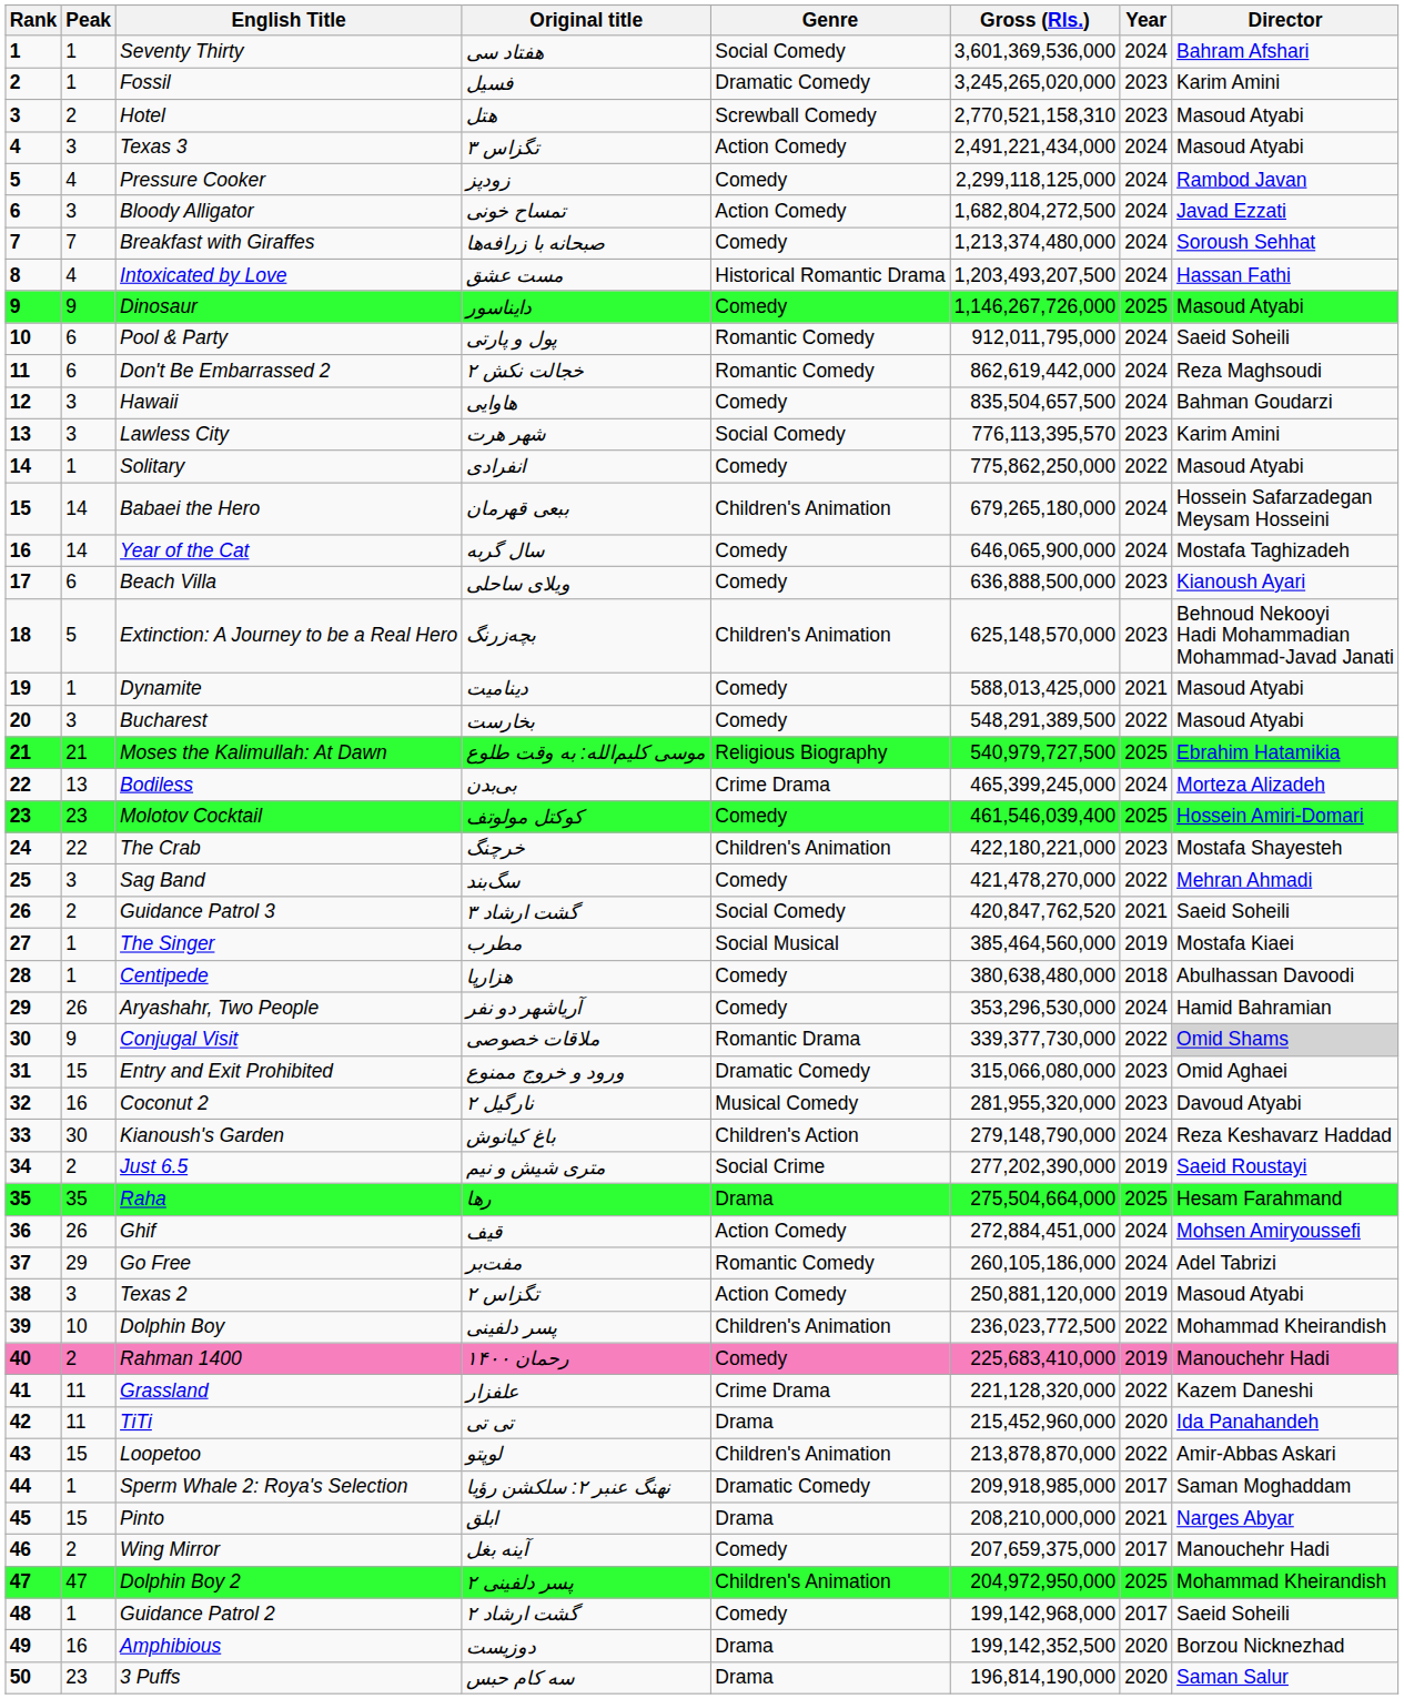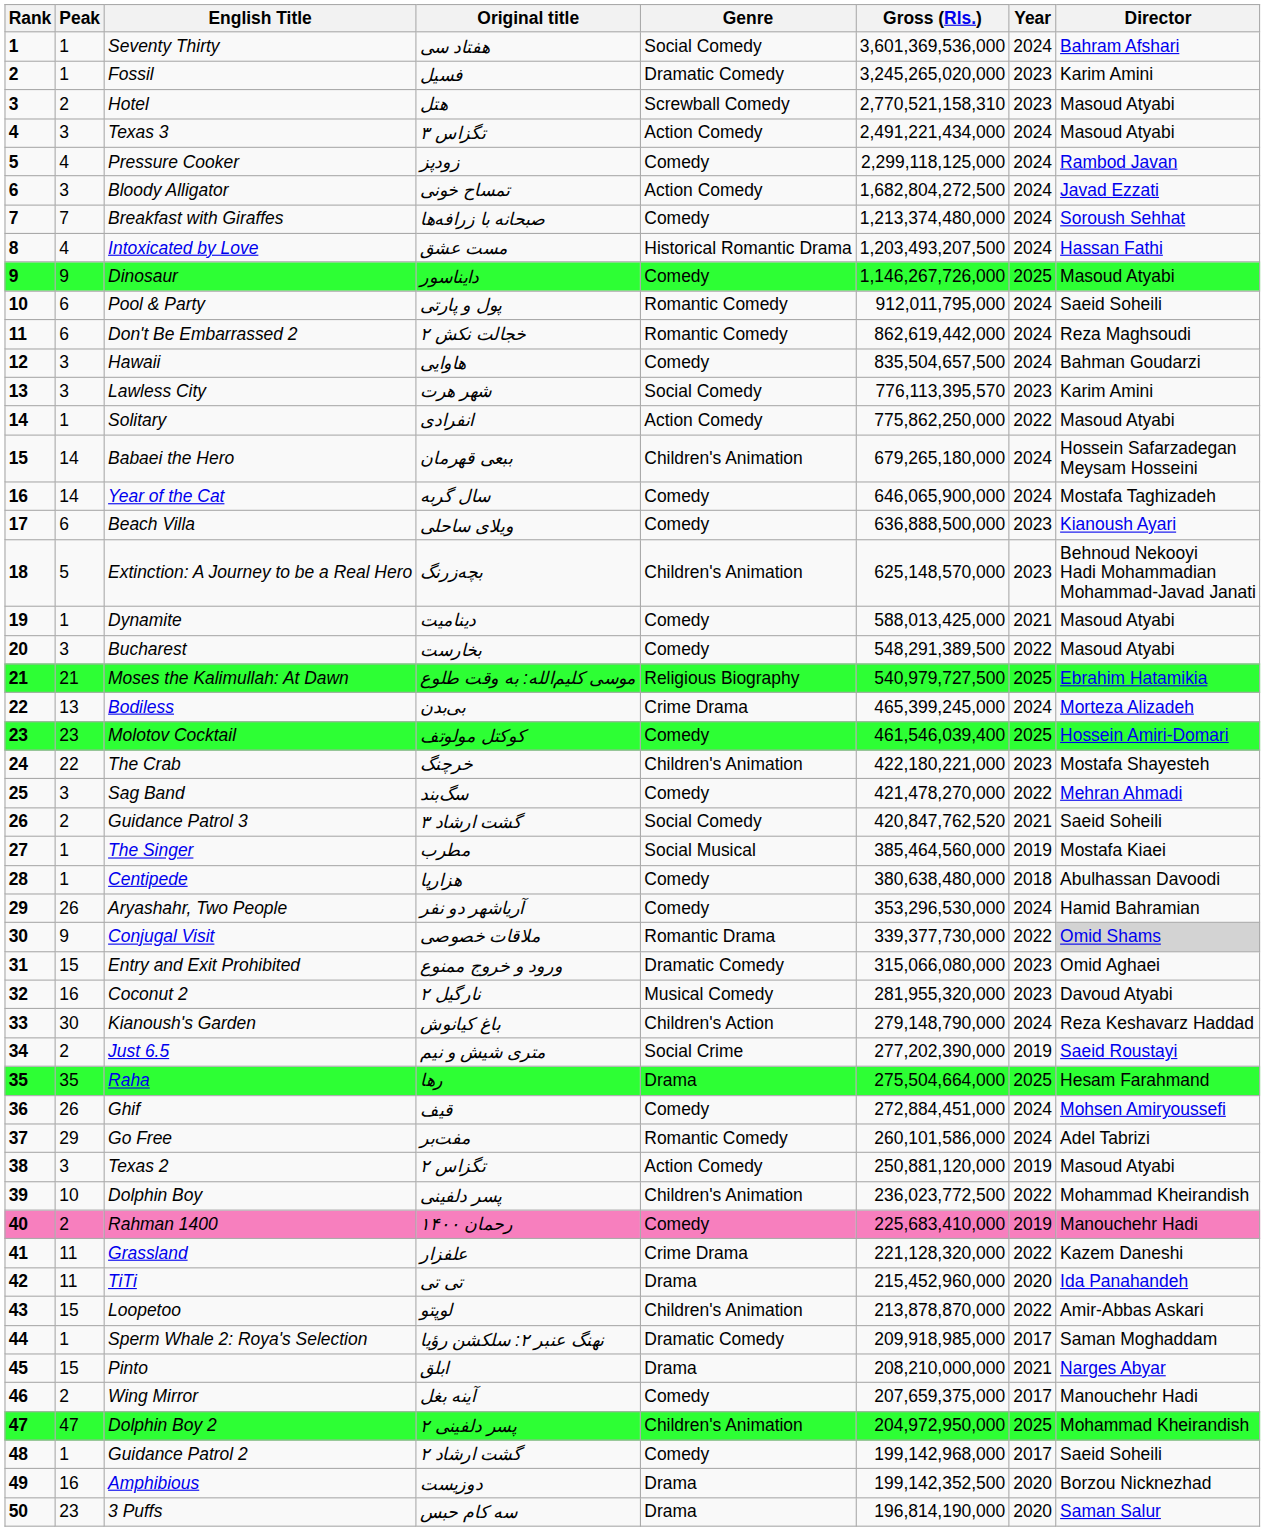 <table class="wikitable sortable plainrowheaders" style="margin:auto; margin:auto;">
 <tr>
 <th scope="col">Rank</th>
 <th scope="col">Peak</th>
 <th scope="col">English Title</th>
 <th>Original title</th>
 <th>Genre</th>
 <th scope="col">Gross (<a href='#'>Rls.</a>)</th>
 <th scope="col">Year</th>
 <th>Director</th>
 </tr>
 <tr>
 <td><strong>1</strong></td>
 <td>1</td>
 <td><em>Seventy Thirty</em></td>
 <td><em>هفتاد  سی</em></td>
 <td>Social Comedy</td>
 <td align="right">3,601,369,536,000</td>
 <td style="text-align:center;">2024</td>
 <td><a href='#'>Bahram Afshari</a></td>
 </tr>
 <tr>
 <td><strong>2</strong></td>
 <td>1</td>
 <td><em>Fossil</em></td>
 <td><em>فسیل</em></td>
 <td>Dramatic Comedy</td>
 <td align="right">3,245,265,020,000</td>
 <td style="text-align:center;">2023</td>
 <td>Karim Amini</td>
 </tr>
 <tr>
 <td><strong>3</strong></td>
 <td>2</td>
 <td><em>Hotel</em></td>
 <td><em>هتل</em></td>
 <td>Screwball Comedy</td>
 <td align="right">2,770,521,158,310</td>
 <td style="text-align:center;">2023</td>
 <td>Masoud Atyabi</td>
 </tr>
 <tr>
 <td><strong>4</strong></td>
 <td>3</td>
 <td><em>Texas 3</em></td>
 <td><em>تگزاس ۳</em></td>
 <td>Action Comedy</td>
 <td align="right">2,491,221,434,000</td>
 <td style="text-align:center;">2024</td>
 <td>Masoud Atyabi</td>
 </tr>
 <tr>
 <td><strong>5</strong></td>
 <td>4</td>
 <td><em>Pressure Cooker</em></td>
 <td><em>زودپز</em></td>
 <td>Comedy</td>
 <td align="right">2,299,118,125,000</td>
 <td style="text-align:center;">2024</td>
 <td><a href='#'>Rambod Javan</a></td>
 </tr>
 <tr>
 <td><strong>6</strong></td>
 <td>3</td>
 <td><em>Bloody Alligator</em></td>
 <td><em>تمساح  خونی</em></td>
 <td>Action Comedy</td>
 <td align="right">1,682,804,272,500</td>
 <td style="text-align:center;">2024</td>
 <td><a href='#'>Javad Ezzati</a></td>
 </tr>
 <tr>
 <td><strong>7</strong></td>
 <td>7</td>
 <td><em>Breakfast with Giraffes</em></td>
 <td><em>صبحانه  با زرافه‌ها</em></td>
 <td>Comedy</td>
 <td align="right">1,213,374,480,000</td>
 <td style="text-align:center;">2024</td>
 <td><a href='#'>Soroush Sehhat</a></td>
 </tr>
 <tr>
 <td><strong>8</strong></td>
 <td>4</td>
 <td><em><a href='#'>Intoxicated by Love</a></em></td>
 <td><em>مست  عشق</em></td>
 <td>Historical Romantic Drama</td>
 <td align="right">1,203,493,207,500</td>
 <td style="text-align:center;">2024</td>
 <td><a href='#'>Hassan Fathi</a></td>
 </tr>
 <tr bgcolor="2dff34">
 <td><strong>9</strong></td>
 <td>9</td>
 <td><em>Dinosaur</em></td>
 <td><em>دایناسور</em></td>
 <td>Comedy</td>
 <td align="right">1,146,267,726,000</td>
 <td style="text-align:center;">2025</td>
 <td>Masoud Atyabi</td>
 </tr>
 <tr>
 <td><strong>10</strong></td>
 <td>6</td>
 <td><em>Pool & Party</em></td>
 <td><em>پول  و پارتی</em></td>
 <td>Romantic Comedy</td>
 <td align="right">912,011,795,000</td>
 <td style="text-align:center;">2024</td>
 <td>Saeid Soheili</td>
 </tr>
 <tr>
 <td><strong>11</strong></td>
 <td>6</td>
 <td><em>Don't Be Embarrassed 2</em></td>
 <td><em>خجالت  نکش ۲</em></td>
 <td>Romantic Comedy</td>
 <td align="right">862,619,442,000</td>
 <td style="text-align:center;">2024</td>
 <td>Reza Maghsoudi</td>
 </tr>
 <tr>
 <td><strong>12</strong></td>
 <td>3</td>
 <td><em>Hawaii</em></td>
 <td><em>هاوایی</em></td>
 <td>Comedy</td>
 <td align="right">835,504,657,500</td>
 <td style="text-align:center;">2024</td>
 <td>Bahman Goudarzi</td>
 </tr>
 <tr>
 <td><strong>13</strong></td>
 <td>3</td>
 <td><em>Lawless City</em></td>
 <td><em>شهر  هرت</em></td>
 <td>Social Comedy</td>
 <td align="right">776,113,395,570</td>
 <td style="text-align:center;">2023</td>
 <td>Karim Amini</td>
 </tr>
 <tr>
 <td><strong>14</strong></td>
 <td>1</td>
 <td><em>Solitary</em></td>
 <td><em>انفرادی</em></td>
-<td>Comedy</td>
+<td>Action Comedy</td>
 <td align="right">775,862,250,000</td>
 <td style="text-align:center;">2022</td>
 <td>Masoud Atyabi</td>
 </tr>
 <tr>
 <td><strong>15</strong></td>
 <td>14</td>
 <td><em>Babaei the Hero</em></td>
 <td><em>ببعی  قهرمان</em></td>
 <td>Children's Animation</td>
 <td align="right">679,265,180,000</td>
 <td style="text-align:center;">2024</td>
 <td>Hossein Safarzadegan<br>Meysam Hosseini</td>
 </tr>
 <tr>
 <td><strong>16</strong></td>
 <td>14</td>
 <td><em><a href='#'>Year of the Cat</a></em></td>
 <td><em>سال  گربه</em></td>
 <td>Comedy</td>
 <td align="right">646,065,900,000</td>
 <td style="text-align:center;">2024</td>
 <td>Mostafa Taghizadeh</td>
 </tr>
 <tr>
 <td><strong>17</strong></td>
 <td>6</td>
 <td><em>Beach Villa</em></td>
 <td><em>ویلای  ساحلی</em></td>
 <td>Comedy</td>
 <td align="right">636,888,500,000</td>
 <td style="text-align:center;">2023</td>
 <td><a href='#'>Kianoush Ayari</a></td>
 </tr>
 <tr>
 <td><strong>18</strong></td>
 <td>5</td>
 <td><em>Extinction: A Journey to be a Real Hero</em></td>
 <td><em>بچه‌زرنگ</em></td>
 <td>Children's Animation</td>
 <td align="right">625,148,570,000</td>
 <td style="text-align:center;">2023</td>
 <td>Behnoud Nekooyi<br>Hadi Mohammadian<br>Mohammad-Javad Janati</td>
 </tr>
 <tr>
 <td><strong>19</strong></td>
 <td>1</td>
 <td><em>Dynamite</em></td>
 <td><em>دینامیت</em></td>
 <td>Comedy</td>
 <td align="right">588,013,425,000</td>
 <td style="text-align:center;">2021</td>
 <td>Masoud Atyabi</td>
 </tr>
 <tr>
 <td><strong>20</strong></td>
 <td>3</td>
 <td><em>Bucharest</em></td>
 <td><em>بخارست</em></td>
 <td>Comedy</td>
 <td align="right">548,291,389,500</td>
 <td style="text-align:center;">2022</td>
 <td>Masoud Atyabi</td>
 </tr>
 <tr bgcolor="2dff34">
 <td><strong>21</strong></td>
 <td>21</td>
 <td><em>Moses the Kalimullah: At Dawn</em></td>
 <td><em>موسی  کلیم‌الله: به وقت طلوع</em></td>
 <td>Religious Biography</td>
 <td align="right">540,979,727,500</td>
 <td style="text-align:center;">2025</td>
 <td><a href='#'>Ebrahim Hatamikia</a></td>
 </tr>
 <tr>
 <td><strong>22</strong></td>
 <td>13</td>
 <td><em><a href='#'>Bodiless</a></em></td>
 <td><em>بی‌بدن</em></td>
 <td>Crime Drama</td>
 <td align="right">465,399,245,000</td>
 <td style="text-align:center;">2024</td>
 <td><a href='#'>Morteza Alizadeh</a></td>
 </tr>
 <tr bgcolor="2dff34">
 <td><strong>23</strong></td>
 <td>23</td>
 <td><em>Molotov Cocktail</em></td>
 <td><em>کوکتل  مولوتف</em></td>
 <td>Comedy</td>
 <td align="right">461,546,039,400</td>
 <td style="text-align:center;">2025</td>
 <td><a href='#'>Hossein Amiri-Domari</a></td>
 </tr>
 <tr>
 <td><strong>24</strong></td>
 <td>22</td>
 <td><em>The Crab</em></td>
 <td><em>خرچنگ</em></td>
 <td>Children's Animation</td>
 <td align="right">422,180,221,000</td>
 <td style="text-align:center;">2023</td>
 <td>Mostafa Shayesteh</td>
 </tr>
 <tr>
 <td><strong>25</strong></td>
 <td>3</td>
 <td><em>Sag Band</em></td>
 <td><em>سگ‌بند</em></td>
 <td>Comedy</td>
 <td align="right">421,478,270,000</td>
 <td style="text-align:center;">2022</td>
 <td><a href='#'>Mehran Ahmadi</a></td>
 </tr>
 <tr>
 <td><strong>26</strong></td>
 <td>2</td>
 <td><em>Guidance Patrol 3</em></td>
 <td><em>گشت  ارشاد ۳</em></td>
 <td>Social Comedy</td>
 <td align="right">420,847,762,520</td>
 <td style="text-align:center;">2021</td>
 <td>Saeid Soheili</td>
 </tr>
 <tr>
 <td><strong>27</strong></td>
 <td>1</td>
 <td><em><a href='#'>The Singer</a></em></td>
 <td><em>مطرب</em></td>
 <td>Social Musical</td>
 <td align="right">385,464,560,000</td>
 <td style="text-align:center;">2019</td>
 <td>Mostafa Kiaei</td>
 </tr>
 <tr>
 <td><strong>28</strong></td>
 <td>1</td>
 <td><em><a href='#'>Centipede</a></em></td>
 <td><em>هزارپا</em></td>
 <td>Comedy</td>
 <td align="right">380,638,480,000</td>
 <td style="text-align:center;">2018</td>
 <td>Abulhassan Davoodi</td>
 </tr>
 <tr>
 <td><strong>29</strong></td>
 <td>26</td>
 <td><em>Aryashahr, Two People</em></td>
 <td><em>آریاشهر  دو نفر</em></td>
 <td>Comedy</td>
 <td align="right">353,296,530,000</td>
 <td style="text-align:center;">2024</td>
 <td>Hamid Bahramian</td>
 </tr>
 <tr>
 <td><strong>30</strong></td>
 <td>9</td>
 <td><em><a href='#'>Conjugal Visit</a></em></td>
 <td><em>ملاقات  خصوصی</em></td>
 <td>Romantic Drama</td>
 <td align="right">339,377,730,000</td>
 <td style="text-align:center;">2022</td>
 <td style="background: lightgrey;"><a href='#'>Omid Shams</a></td>
 </tr>
 <tr>
 <td><strong>31</strong></td>
 <td>15</td>
 <td><em>Entry and Exit Prohibited</em></td>
 <td><em>ورود  و خروج ممنوع</em></td>
 <td>Dramatic Comedy</td>
 <td align="right">315,066,080,000</td>
 <td style="text-align:center;">2023</td>
 <td>Omid Aghaei</td>
 </tr>
 <tr>
 <td><strong>32</strong></td>
 <td>16</td>
 <td><em>Coconut 2</em></td>
 <td><em>نارگیل ۲</em></td>
 <td>Musical Comedy</td>
 <td align="right">281,955,320,000</td>
 <td style="text-align:center;">2023</td>
 <td>Davoud Atyabi</td>
 </tr>
 <tr>
 <td><strong>33</strong></td>
 <td>30</td>
 <td><em>Kianoush's Garden</em></td>
 <td><em>باغ  کیانوش</em></td>
 <td>Children's Action</td>
 <td align="right">279,148,790,000</td>
 <td style="text-align:center;">2024</td>
 <td>Reza Keshavarz Haddad</td>
 </tr>
 <tr>
 <td><strong>34</strong></td>
 <td>2</td>
 <td><em><a href='#'>Just 6.5</a></em></td>
 <td><em>متری  شیش و نیم</em></td>
 <td>Social Crime</td>
 <td align="right">277,202,390,000</td>
 <td style="text-align:center;">2019</td>
 <td><a href='#'>Saeid Roustayi</a></td>
 </tr>
 <tr bgcolor="2dff34">
 <td><strong>35</strong></td>
 <td>35</td>
 <td><em><a href='#'>Raha</a></em></td>
 <td><em>رها</em></td>
 <td>Drama</td>
 <td align="right">275,504,664,000</td>
 <td style="text-align:center;">2025</td>
 <td>Hesam Farahmand</td>
 </tr>
 <tr>
 <td><strong>36</strong></td>
 <td>26</td>
 <td><em>Ghif</em></td>
 <td><em>قیف</em></td>
-<td>Action Comedy</td>
+<td>Comedy</td>
 <td align="right">272,884,451,000</td>
 <td style="text-align:center;">2024</td>
 <td><a href='#'>Mohsen Amiryoussefi</a></td>
 </tr>
 <tr>
 <td><strong>37</strong></td>
 <td>29</td>
 <td><em>Go Free</em></td>
 <td><em>مفت‌بر</em></td>
 <td>Romantic Comedy</td>
-<td align="right">260,105,186,000</td>
+<td align="right">260,101,586,000</td>
 <td style="text-align:center;">2024</td>
 <td>Adel Tabrizi</td>
 </tr>
 <tr>
 <td><strong>38</strong></td>
 <td>3</td>
 <td><em>Texas 2</em></td>
 <td><em>تگزاس ۲</em></td>
 <td>Action Comedy</td>
 <td align="right">250,881,120,000</td>
 <td style="text-align:center;">2019</td>
 <td>Masoud Atyabi</td>
 </tr>
 <tr>
 <td><strong>39</strong></td>
 <td>10</td>
 <td><em>Dolphin Boy</em></td>
 <td><em>پسر  دلفینی</em></td>
 <td>Children's Animation</td>
 <td align="right">236,023,772,500</td>
 <td style="text-align:center;">2022</td>
 <td>Mohammad Kheirandish</td>
 </tr>
 <tr bgcolor="f77fbe">
 <td><strong>40</strong></td>
 <td>2</td>
 <td><em>Rahman 1400</em></td>
 <td><em>رحمان  ۱۴۰۰</em></td>
 <td>Comedy</td>
 <td align="right">225,683,410,000</td>
 <td style="text-align:center;">2019</td>
 <td>Manouchehr Hadi</td>
 </tr>
 <tr>
 <td><strong>41</strong></td>
 <td>11</td>
 <td><em><a href='#'>Grassland</a></em></td>
 <td><em>علفزار</em></td>
 <td>Crime Drama</td>
 <td align="right">221,128,320,000</td>
 <td style="text-align:center;">2022</td>
 <td>Kazem Daneshi</td>
 </tr>
 <tr>
 <td><strong>42</strong></td>
 <td>11</td>
 <td><em><a href='#'>TiTi</a></em></td>
 <td><em>تی  تی</em></td>
 <td>Drama</td>
 <td align="right">215,452,960,000</td>
 <td style="text-align:center;">2020</td>
 <td><a href='#'>Ida Panahandeh</a></td>
 </tr>
 <tr>
 <td><strong>43</strong></td>
 <td>15</td>
 <td><em>Loopetoo</em></td>
 <td><em>لوپتو</em></td>
 <td>Children's Animation</td>
 <td align="right">213,878,870,000</td>
 <td style="text-align:center;">2022</td>
 <td>Amir-Abbas Askari</td>
 </tr>
 <tr>
 <td><strong>44</strong></td>
 <td>1</td>
 <td><em>Sperm Whale 2: Roya's Selection</em></td>
 <td><em>نهنگ  عنبر ۲: سلکشن رؤیا</em></td>
 <td>Dramatic Comedy</td>
 <td align="right">209,918,985,000</td>
 <td style="text-align:center;">2017</td>
 <td>Saman Moghaddam</td>
 </tr>
 <tr>
 <td><strong>45</strong></td>
 <td>15</td>
 <td><em>Pinto</em></td>
 <td><em>ابلق</em></td>
 <td>Drama</td>
 <td align="right">208,210,000,000</td>
 <td style="text-align:center;">2021</td>
 <td><a href='#'>Narges Abyar</a></td>
 </tr>
 <tr>
 <td><strong>46</strong></td>
 <td>2</td>
 <td><em>Wing Mirror</em></td>
 <td><em>آینه  بغل</em></td>
 <td>Comedy</td>
 <td align="right">207,659,375,000</td>
 <td style="text-align:center;">2017</td>
 <td>Manouchehr Hadi</td>
 </tr>
 <tr bgcolor="2dff34">
 <td><strong>47</strong></td>
 <td>47</td>
 <td><em>Dolphin Boy 2</em></td>
 <td><em>پسر  دلفینی ۲</em></td>
 <td>Children's Animation</td>
 <td align="right">204,972,950,000</td>
 <td style="text-align:center;">2025</td>
 <td>Mohammad Kheirandish</td>
 </tr>
 <tr>
 <td><strong>48</strong></td>
 <td>1</td>
 <td><em>Guidance Patrol 2</em></td>
 <td><em>گشت  ارشاد ۲</em></td>
 <td>Comedy</td>
 <td align="right">199,142,968,000</td>
 <td style="text-align:center;">2017</td>
 <td>Saeid Soheili</td>
 </tr>
 <tr>
 <td><strong>49</strong></td>
 <td>16</td>
 <td><em><a href='#'>Amphibious</a></em></td>
 <td><em>دوزیست</em></td>
 <td>Drama</td>
 <td align="right">199,142,352,500</td>
 <td style="text-align:center;">2020</td>
 <td>Borzou Nicknezhad</td>
 </tr>
 <tr>
 <td><strong>50</strong></td>
 <td>23</td>
 <td><em>3 Puffs</em></td>
 <td><em>سه  کام حبس</em></td>
 <td>Drama</td>
 <td align="right">196,814,190,000</td>
 <td style="text-align:center;">2020</td>
 <td><a href='#'>Saman Salur</a></td>
 </tr>
 </table>
